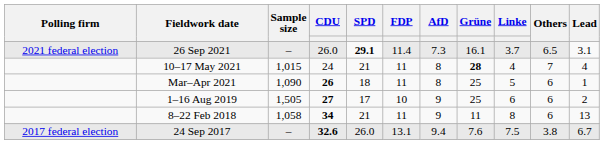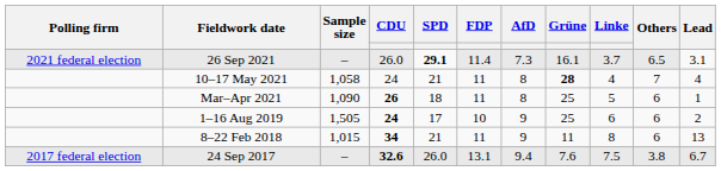 <table class="wikitable sortable mw-datatable" style="text-align:center;font-size:90%;line-height:14px;">
 <tr style="height:40px;">
 <th style="width:160px;" rowspan="2">Polling firm</th>
 <th style="width:160px;" rowspan="2">Fieldwork date</th>
 <th style="width:35px;" rowspan="2">Sample<br>size</th>
 <th class="unsortable" style="width:40px;"><a href='#'>CDU</a></th>
 <th class="unsortable" style="width:40px;"><a href='#'>SPD</a></th>
 <th class="unsortable" style="width:40px;"><a href='#'>FDP</a></th>
 <th class="unsortable" style="width:40px;"><a href='#'>AfD</a></th>
 <th class="unsortable" style="width:40px;"><a href='#'>Grüne</a></th>
 <th class="unsortable" style="width:40px;"><a href='#'>Linke</a></th>
 <th class="unsortable" style="width:30px;" rowspan="2">Others</th>
 <th style="width:30px;" rowspan="2">Lead</th>
 </tr>
 <tr>
 <th style="background:"></th>
 <th style="background:"></th>
 <th style="background:"></th>
 <th style="background:"></th>
 <th style="background:"></th>
 <th style="background:"></th>
 </tr>
 <tr>
 <td style="background:#E9E9E9;"><a href='#'>2021 federal election</a></td>
 <td style="background:#E9E9E9;" data-sort-value="2021-09-26">26 Sep 2021</td>
 <td style="background:#E9E9E9;">–</td>
 <td style="background:#E9E9E9;">26.0</td>
 <td><strong>29.1</strong></td>
 <td style="background:#E9E9E9;">11.4</td>
 <td style="background:#E9E9E9;">7.3</td>
 <td style="background:#E9E9E9;">16.1</td>
 <td style="background:#E9E9E9;">3.7</td>
 <td style="background:#E9E9E9;">6.5</td>
 <td style="background:">3.1</td>
 </tr>
 <tr>
 <td></td>
 <td data-sort-value="2021-05-19">10–17 May 2021</td>
-<td>1,015</td>
+<td>1,058</td>
 <td>24</td>
 <td>21</td>
 <td>11</td>
 <td>8</td>
 <td><strong>28</strong></td>
 <td>4</td>
 <td>7</td>
 <td style="background:">4</td>
 </tr>
 <tr>
 <td></td>
 <td data-sort-value="2021-04-14">Mar–Apr 2021</td>
 <td>1,090</td>
 <td><strong>26</strong></td>
 <td>18</td>
 <td>11</td>
 <td>8</td>
 <td>25</td>
 <td>5</td>
 <td>6</td>
 <td style="background:">1</td>
 </tr>
 <tr>
 <td></td>
 <td data-sort-value="2019-08-16">1–16 Aug 2019</td>
 <td>1,505</td>
-<td><strong>27</strong></td>
+<td><strong>24</strong></td>
 <td>17</td>
 <td>10</td>
 <td>9</td>
 <td>25</td>
 <td>6</td>
 <td>6</td>
 <td style="background:">2</td>
 </tr>
 <tr>
 <td></td>
 <td data-sort-value="2018-02-22">8–22 Feb 2018</td>
-<td>1,058</td>
+<td>1,015</td>
 <td><strong>34</strong></td>
 <td>21</td>
 <td>11</td>
 <td>9</td>
 <td>11</td>
 <td>8</td>
 <td>6</td>
 <td style="background:">13</td>
 </tr>
 <tr style="background:#E9E9E9;">
 <td style="background:#E9E9E9;"><a href='#'>2017 federal election</a></td>
 <td style="background:#E9E9E9;" data-sort-value="2017-09-24">24 Sep 2017</td>
 <td style="background:#E9E9E9;">–</td>
 <td><strong>32.6</strong></td>
 <td style="background:#E9E9E9;">26.0</td>
 <td style="background:#E9E9E9;">13.1</td>
 <td style="background:#E9E9E9;">9.4</td>
 <td style="background:#E9E9E9;">7.6</td>
 <td style="background:#E9E9E9;">7.5</td>
 <td style="background:#E9E9E9;">3.8</td>
 <td style="background:">6.7</td>
 </tr>
 </table>
